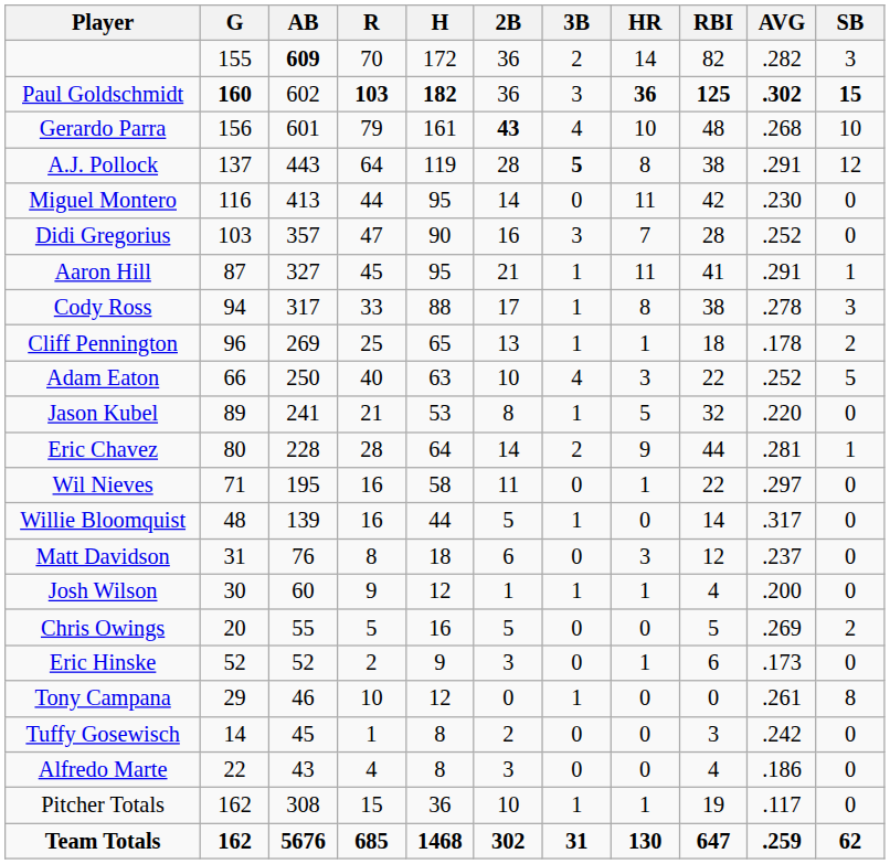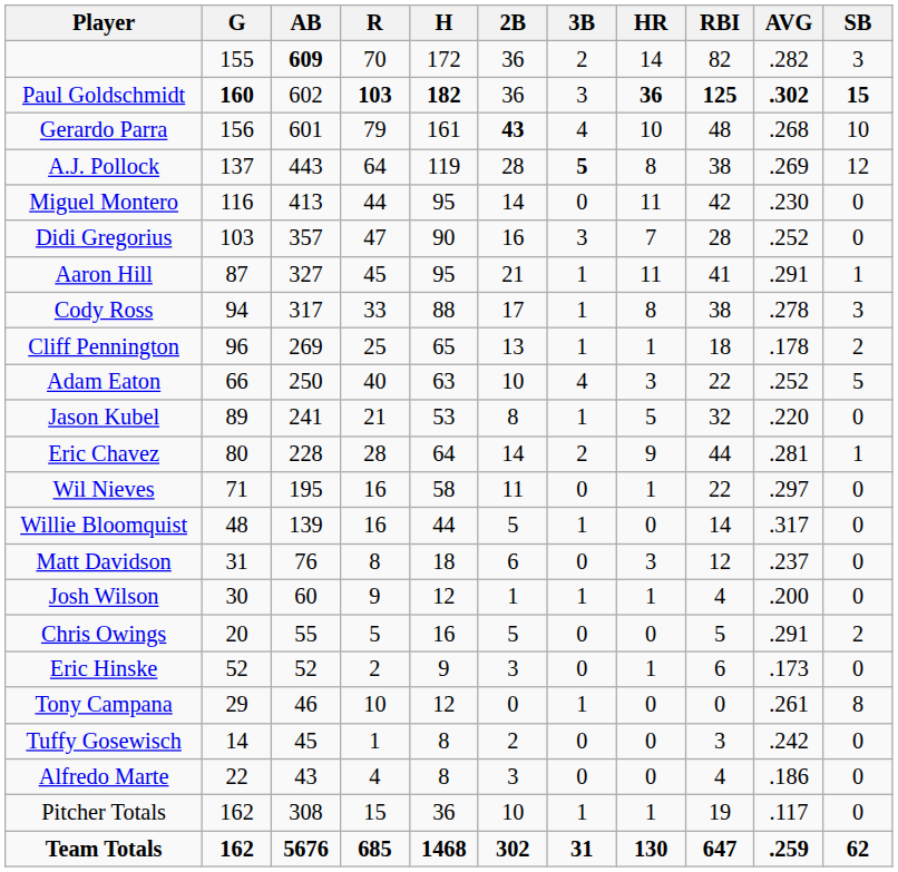 <table class="wikitable sortable" style="text-align:center; border:1; cellpadding:2; cellspacing:0;">
 <tr>
 <th bgcolor="#DDDDFF" width="20%">Player</th>
 <th bgcolor="#DDDDFF" width="7%">G</th>
 <th bgcolor="#DDDDFF" width="7%">AB</th>
 <th bgcolor="#DDDDFF" width="7%">R</th>
 <th bgcolor="#DDDDFF" width="7%">H</th>
 <th bgcolor="#DDDDFF" width="7%">2B</th>
 <th bgcolor="#DDDDFF" width="7%">3B</th>
 <th bgcolor="#DDDDFF" width="7%">HR</th>
 <th bgcolor="#DDDDFF" width="7%">RBI</th>
 <th bgcolor="#DDDDFF" width="7%">AVG</th>
 <th bgcolor="#DDDDFF" width="7%">SB</th>
 </tr>
 <tr align=center>
 <td></td>
 <td>155</td>
 <td><strong>609</strong></td>
 <td>70</td>
 <td>172</td>
 <td>36</td>
 <td>2</td>
 <td>14</td>
 <td>82</td>
 <td>.282</td>
 <td>3</td>
 </tr>
 <tr align=center>
 <td><a href='#'>Paul Goldschmidt</a></td>
 <td><strong>160</strong></td>
 <td>602</td>
 <td><strong>103</strong></td>
 <td><strong>182</strong></td>
 <td>36</td>
 <td>3</td>
 <td><strong>36</strong></td>
 <td><strong>125</strong></td>
 <td><strong>.302</strong></td>
 <td><strong>15</strong></td>
 </tr>
 <tr align=center>
 <td><a href='#'>Gerardo Parra</a></td>
 <td>156</td>
 <td>601</td>
 <td>79</td>
 <td>161</td>
 <td><strong>43</strong></td>
 <td>4</td>
 <td>10</td>
 <td>48</td>
 <td>.268</td>
 <td>10</td>
 </tr>
 <tr align=center>
 <td><a href='#'>A.J. Pollock</a></td>
 <td>137</td>
 <td>443</td>
 <td>64</td>
 <td>119</td>
 <td>28</td>
 <td><strong>5</strong></td>
 <td>8</td>
 <td>38</td>
-<td>.291</td>
+<td>.269</td>
 <td>12</td>
 </tr>
 <tr align=center>
 <td><a href='#'>Miguel Montero</a></td>
 <td>116</td>
 <td>413</td>
 <td>44</td>
 <td>95</td>
 <td>14</td>
 <td>0</td>
 <td>11</td>
 <td>42</td>
 <td>.230</td>
 <td>0</td>
 </tr>
 <tr align=center>
 <td><a href='#'>Didi Gregorius</a></td>
 <td>103</td>
 <td>357</td>
 <td>47</td>
 <td>90</td>
 <td>16</td>
 <td>3</td>
 <td>7</td>
 <td>28</td>
 <td>.252</td>
 <td>0</td>
 </tr>
 <tr align=center>
 <td><a href='#'>Aaron Hill</a></td>
 <td>87</td>
 <td>327</td>
 <td>45</td>
 <td>95</td>
 <td>21</td>
 <td>1</td>
 <td>11</td>
 <td>41</td>
 <td>.291</td>
 <td>1</td>
 </tr>
 <tr align=center>
 <td><a href='#'>Cody Ross</a></td>
 <td>94</td>
 <td>317</td>
 <td>33</td>
 <td>88</td>
 <td>17</td>
 <td>1</td>
 <td>8</td>
 <td>38</td>
 <td>.278</td>
 <td>3</td>
 </tr>
 <tr align=center>
 <td><a href='#'>Cliff Pennington</a></td>
 <td>96</td>
 <td>269</td>
 <td>25</td>
 <td>65</td>
 <td>13</td>
 <td>1</td>
 <td>1</td>
 <td>18</td>
 <td>.178</td>
 <td>2</td>
 </tr>
 <tr align=center>
 <td><a href='#'>Adam Eaton</a></td>
 <td>66</td>
 <td>250</td>
 <td>40</td>
 <td>63</td>
 <td>10</td>
 <td>4</td>
 <td>3</td>
 <td>22</td>
 <td>.252</td>
 <td>5</td>
 </tr>
 <tr align=center>
 <td><a href='#'>Jason Kubel</a></td>
 <td>89</td>
 <td>241</td>
 <td>21</td>
 <td>53</td>
 <td>8</td>
 <td>1</td>
 <td>5</td>
 <td>32</td>
 <td>.220</td>
 <td>0</td>
 </tr>
 <tr align=center>
 <td><a href='#'>Eric Chavez</a></td>
 <td>80</td>
 <td>228</td>
 <td>28</td>
 <td>64</td>
 <td>14</td>
 <td>2</td>
 <td>9</td>
 <td>44</td>
 <td>.281</td>
 <td>1</td>
 </tr>
 <tr align=center>
 <td><a href='#'>Wil Nieves</a></td>
 <td>71</td>
 <td>195</td>
 <td>16</td>
 <td>58</td>
 <td>11</td>
 <td>0</td>
 <td>1</td>
 <td>22</td>
 <td>.297</td>
 <td>0</td>
 </tr>
 <tr align=center>
 <td><a href='#'>Willie Bloomquist</a></td>
 <td>48</td>
 <td>139</td>
 <td>16</td>
 <td>44</td>
 <td>5</td>
 <td>1</td>
 <td>0</td>
 <td>14</td>
 <td>.317</td>
 <td>0</td>
 </tr>
 <tr align=center>
 <td><a href='#'>Matt Davidson</a></td>
 <td>31</td>
 <td>76</td>
 <td>8</td>
 <td>18</td>
 <td>6</td>
 <td>0</td>
 <td>3</td>
 <td>12</td>
 <td>.237</td>
 <td>0</td>
 </tr>
 <tr align=center>
 <td><a href='#'>Josh Wilson</a></td>
 <td>30</td>
 <td>60</td>
 <td>9</td>
 <td>12</td>
 <td>1</td>
 <td>1</td>
 <td>1</td>
 <td>4</td>
 <td>.200</td>
 <td>0</td>
 </tr>
 <tr align=center>
 <td><a href='#'>Chris Owings</a></td>
 <td>20</td>
 <td>55</td>
 <td>5</td>
 <td>16</td>
 <td>5</td>
 <td>0</td>
 <td>0</td>
 <td>5</td>
-<td>.269</td>
+<td>.291</td>
 <td>2</td>
 </tr>
 <tr align=center>
 <td><a href='#'>Eric Hinske</a></td>
 <td>52</td>
 <td>52</td>
 <td>2</td>
 <td>9</td>
 <td>3</td>
 <td>0</td>
 <td>1</td>
 <td>6</td>
 <td>.173</td>
 <td>0</td>
 </tr>
 <tr align=center>
 <td><a href='#'>Tony Campana</a></td>
 <td>29</td>
 <td>46</td>
 <td>10</td>
 <td>12</td>
 <td>0</td>
 <td>1</td>
 <td>0</td>
 <td>0</td>
 <td>.261</td>
 <td>8</td>
 </tr>
 <tr align=center>
 <td><a href='#'>Tuffy Gosewisch</a></td>
 <td>14</td>
 <td>45</td>
 <td>1</td>
 <td>8</td>
 <td>2</td>
 <td>0</td>
 <td>0</td>
 <td>3</td>
 <td>.242</td>
 <td>0</td>
 </tr>
 <tr align=center>
 <td><a href='#'>Alfredo Marte</a></td>
 <td>22</td>
 <td>43</td>
 <td>4</td>
 <td>8</td>
 <td>3</td>
 <td>0</td>
 <td>0</td>
 <td>4</td>
 <td>.186</td>
 <td>0</td>
 </tr>
 <tr align=center>
 <td>Pitcher Totals</td>
 <td>162</td>
 <td>308</td>
 <td>15</td>
 <td>36</td>
 <td>10</td>
 <td>1</td>
 <td>1</td>
 <td>19</td>
 <td>.117</td>
 <td>0</td>
 </tr>
 <tr align=center>
 <td><strong>Team Totals</strong></td>
 <td><strong>162</strong></td>
 <td><strong>5676</strong></td>
 <td><strong>685</strong></td>
 <td><strong>1468</strong></td>
 <td><strong>302</strong></td>
 <td><strong>31</strong></td>
 <td><strong>130</strong></td>
 <td><strong>647</strong></td>
 <td><strong>.259</strong></td>
 <td><strong>62</strong></td>
 </tr>
 </table>
